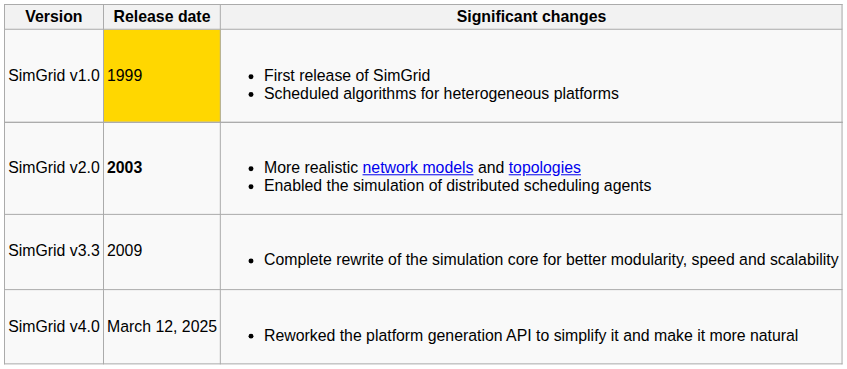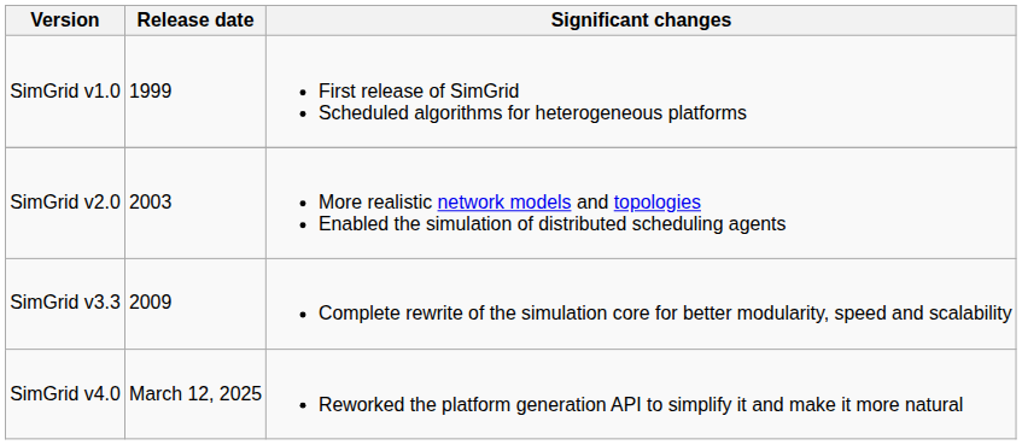 <table class="wikitable">
 <tr>
 <th>Version</th>
 <th>Release date</th>
 <th>Significant changes</th>
 </tr>
 <tr>
 <td>SimGrid v1.0</td>
-<td style="background: gold;">1999</td>
+<td>1999</td>
 <td><br><ul><li>First release of SimGrid</li><li>Scheduled algorithms for heterogeneous platforms</li></ul></td>
 </tr>
 <tr>
 </tr>
 <tr>
 <td>SimGrid v2.0</td>
-<td><strong>2003</strong></td>
+<td>2003</td>
 <td><br><ul><li>More realistic <a href='#'>network models</a> and <a href='#'>topologies</a></li><li>Enabled the simulation of distributed scheduling agents</li></ul></td>
 </tr>
 <tr>
 <td>SimGrid v3.3</td>
 <td>2009</td>
 <td><br><ul><li>Complete rewrite of the simulation core for better modularity, speed and scalability</li></ul></td>
 </tr>
 <tr>
 <td>SimGrid v4.0</td>
 <td>March 12, 2025</td>
 <td><br><ul><li>Reworked the platform generation API to simplify it and make it more natural</li></ul></td>
 </tr>
 </table>
